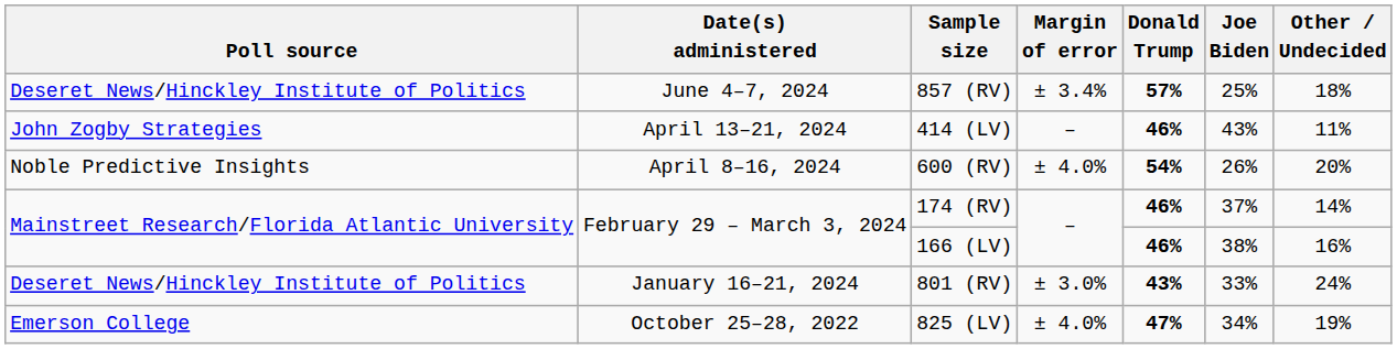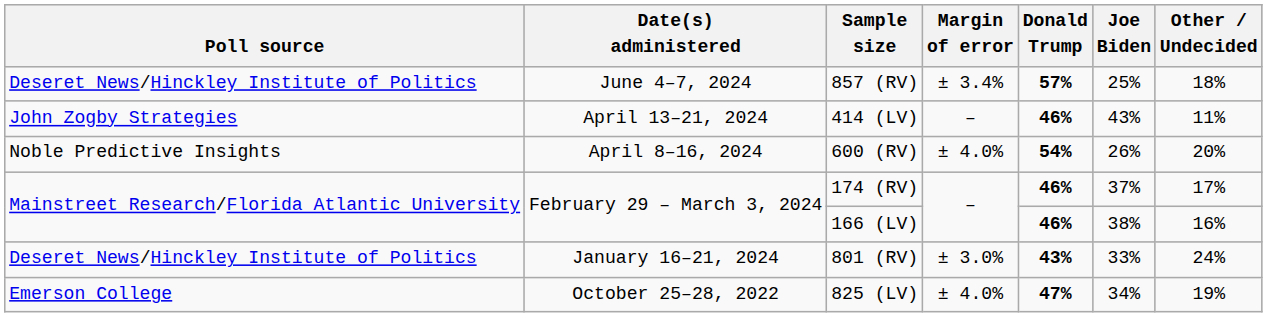 <table class="wikitable sortable mw-datatable" style="font-size:90%;text-align:center;line-height:17px">
 <tr valign=bottom>
 <th>Poll source</th>
 <th>Date(s)<br>administered</th>
 <th>Sample<br>size</th>
 <th>Margin<br>of error</th>
 <th class="unsortable">Donald<br>Trump<br></th>
 <th class="unsortable">Joe<br>Biden<br></th>
 <th class="unsortable">Other /<br>Undecided</th>
 </tr>
 <tr>
 <td style="text-align:left;"><a href='#'>Deseret News</a>/<a href='#'>Hinckley Institute of Politics</a></td>
 <td data-sort-value="2024-06-12">June 4–7, 2024</td>
 <td>857 (RV)</td>
 <td>± 3.4%</td>
 <td style="background-color:"><strong>57%</strong></td>
 <td>25%</td>
 <td>18%</td>
 </tr>
 <tr>
 <td style="text-align:left;"><a href='#'>John Zogby Strategies</a></td>
 <td data-sort-value="2024-05-01">April 13–21, 2024</td>
 <td>414 (LV)</td>
 <td>–</td>
 <td style="background-color:"><strong>46%</strong></td>
 <td>43%</td>
 <td>11%</td>
 </tr>
 <tr>
 <td style="text-align:left;">Noble Predictive Insights</td>
 <td data-sort-value="2024-01-21">April 8–16, 2024</td>
 <td>600 (RV)</td>
 <td>± 4.0%</td>
 <td style="background-color:"><strong>54%</strong></td>
 <td>26%</td>
 <td>20%</td>
 </tr>
 <tr>
 <td style="text-align:left;" rowspan="2"><a href='#'>Mainstreet Research</a>/<a href='#'>Florida Atlantic University</a></td>
 <td rowspan="2">February 29 – March 3, 2024</td>
 <td>174 (RV)</td>
 <td rowspan="2">–</td>
 <td style="background-color:"><strong>46%</strong></td>
 <td>37%</td>
-<td>14%</td>
+<td>17%</td>
 </tr>
 <tr>
 <td>166 (LV)</td>
 <td style="background-color:"><strong>46%</strong></td>
 <td>38%</td>
 <td>16%</td>
 </tr>
 <tr>
 <td style="text-align:left;"><a href='#'>Deseret News</a>/<a href='#'>Hinckley Institute of Politics</a></td>
 <td data-sort-value="2024-01-21">January 16–21, 2024</td>
 <td>801 (RV)</td>
 <td>± 3.0%</td>
 <td style="background-color:"><strong>43%</strong></td>
 <td>33%</td>
 <td>24%</td>
 </tr>
 <tr>
 <td style="text-align:left;"><a href='#'>Emerson College</a></td>
 <td data-sort-value="2022-10-28">October 25–28, 2022</td>
 <td>825 (LV)</td>
 <td>± 4.0%</td>
 <td style="background-color:"><strong>47%</strong></td>
 <td>34%</td>
 <td>19%</td>
 </tr>
 </table>
